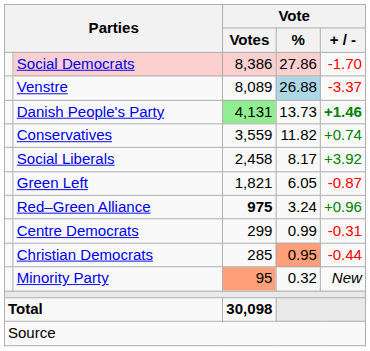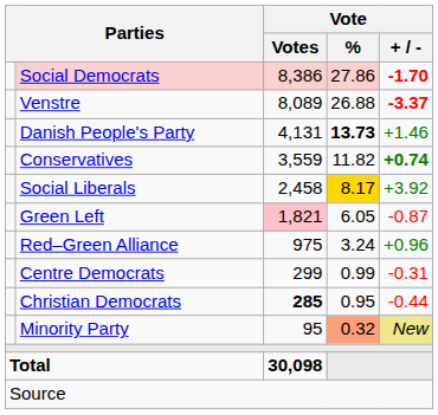 <table class="wikitable" style="text-align:right;">
 <tr>
 <th style="text-align:centre;" rowspan="2" colspan="2" width="225">Parties</th>
 <th colspan="3">Vote</th>
 </tr>
 <tr>
 <th width="15">Votes</th>
 <th width="15">%</th>
 <th width="15">+ / -</th>
 </tr>
 <tr>
 <td width="2" style="color:inherit;background:"></td>
 <td bgcolor=#fbd0ce  align="left"><a href='#'>Social Democrats</a></td>
 <td bgcolor=#fbd0ce>8,386</td>
 <td bgcolor=#fbd0ce>27.86</td>
-<td style=color:red;>-1.70</td>
+<td style=color:red;><strong>-1.70</strong></td>
 </tr>
 <tr>
 <td width="2" style="color:inherit;background:"></td>
 <td align="left"><a href='#'>Venstre</a></td>
 <td>8,089</td>
-<td style="background: lightblue;">26.88</td>
-<td style=color:red;>-3.37</td>
+<td>26.88</td>
+<td style=color:red;><strong>-3.37</strong></td>
 </tr>
 <tr>
 <td width="2" style="color:inherit;background:"></td>
 <td align="left"><a href='#'>Danish People's Party</a></td>
-<td style="background: lightgreen;">4,131</td>
-<td>13.73</td>
-<td style=color:green;><strong>+1.46</strong></td>
+<td>4,131</td>
+<td><strong>13.73</strong></td>
+<td style=color:green;>+1.46</td>
 </tr>
 <tr>
 <td width="2" style="color:inherit;background:"></td>
 <td align="left"><a href='#'>Conservatives</a></td>
 <td>3,559</td>
 <td>11.82</td>
-<td style=color:green;>+0.74</td>
+<td style=color:green;><strong>+0.74</strong></td>
 </tr>
 <tr>
 <td width="2" style="color:inherit;background:"></td>
 <td align="left"><a href='#'>Social Liberals</a></td>
 <td>2,458</td>
-<td>8.17</td>
+<td style="background: gold;">8.17</td>
 <td style=color:green;>+3.92</td>
 </tr>
 <tr>
 <td width="2" style="color:inherit;background:"></td>
 <td align="left"><a href='#'>Green Left</a></td>
-<td>1,821</td>
+<td style="background: pink;">1,821</td>
 <td>6.05</td>
 <td style=color:red;>-0.87</td>
 </tr>
 <tr>
 <td width="2" style="color:inherit;background:"></td>
 <td align="left"><a href='#'>Red–Green Alliance</a></td>
-<td><strong>975</strong></td>
+<td>975</td>
 <td>3.24</td>
 <td style=color:green;>+0.96</td>
 </tr>
 <tr>
 <td width="2" style="color:inherit;background:"></td>
 <td align="left"><a href='#'>Centre Democrats</a></td>
 <td>299</td>
 <td>0.99</td>
 <td style=color:red;>-0.31</td>
 </tr>
 <tr>
 <td width="2" style="color:inherit;background:"></td>
 <td align="left"><a href='#'>Christian Democrats</a></td>
-<td>285</td>
-<td style="background: lightsalmon;">0.95</td>
+<td><strong>285</strong></td>
+<td>0.95</td>
 <td style=color:red;>-0.44</td>
 </tr>
 <tr>
 <td width="2" style="color:inherit;background:"></td>
 <td align="left"><a href='#'>Minority Party</a></td>
-<td style="background: lightsalmon;">95</td>
-<td>0.32</td>
-<td><em>New</em></td>
+<td>95</td>
+<td style="background: lightsalmon;">0.32</td>
+<td style="background: khaki;"><em>New</em></td>
 </tr>
 <tr>
 <td colspan="7" bgcolor="#E9E9E9"></td>
 </tr>
 <tr>
 <td align="left" colspan="2"><strong>Total</strong></td>
 <td><strong>30,098</strong></td>
 <td bgcolor="#E9E9E9" colspan="2"></td>
 </tr>
 <tr>
 <td align="left" colspan="6">Source</td>
 </tr>
 </table>
